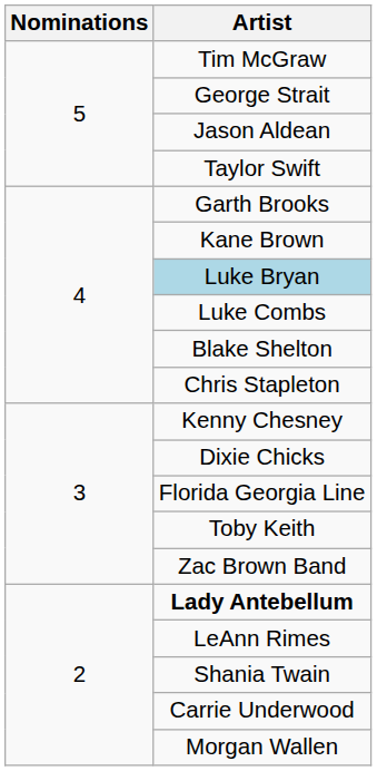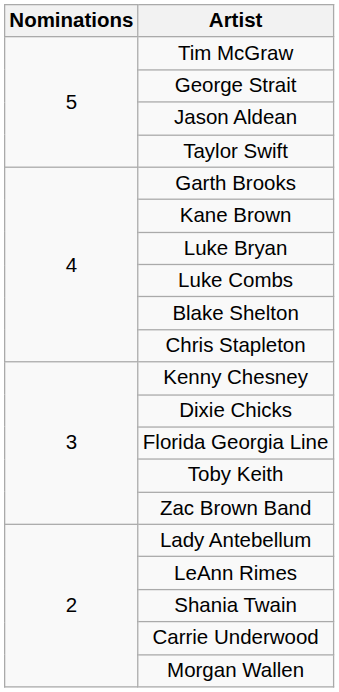 <table class="wikitable" style="text-align:center;">
 <tr>
 <th scope="col" width="55">Nominations</th>
 <th scope="col" align="center">Artist</th>
 </tr>
 <tr>
 <td rowspan=4 style="text-align:center">5</td>
 <td>Tim McGraw</td>
 </tr>
 <tr>
 <td>George Strait</td>
 </tr>
 <tr>
 <td>Jason Aldean</td>
 </tr>
 <tr>
 <td>Taylor Swift</td>
 </tr>
 <tr>
 <td rowspan=6 style="text-align:center">4</td>
 <td>Garth Brooks</td>
 </tr>
 <tr>
 <td>Kane Brown</td>
 </tr>
 <tr>
-<td style="background: lightblue;">Luke Bryan</td>
+<td>Luke Bryan</td>
 </tr>
 <tr>
 <td>Luke Combs</td>
 </tr>
 <tr>
 <td>Blake Shelton</td>
 </tr>
 <tr>
 <td>Chris Stapleton</td>
 </tr>
 <tr>
 <td rowspan="5" style="text-align:center">3</td>
 <td>Kenny Chesney</td>
 </tr>
 <tr>
 <td>Dixie Chicks</td>
 </tr>
 <tr>
 <td>Florida Georgia Line</td>
 </tr>
 <tr>
 <td>Toby Keith</td>
 </tr>
 <tr>
 <td>Zac Brown Band</td>
 </tr>
 <tr>
 <td rowspan="5" style="text-align:center">2</td>
-<td><strong>Lady Antebellum</strong></td>
+<td>Lady Antebellum</td>
 </tr>
 <tr>
 <td>LeAnn Rimes</td>
 </tr>
 <tr>
 <td>Shania Twain</td>
 </tr>
 <tr>
 <td>Carrie Underwood</td>
 </tr>
 <tr>
 <td>Morgan Wallen</td>
 </tr>
 </table>
